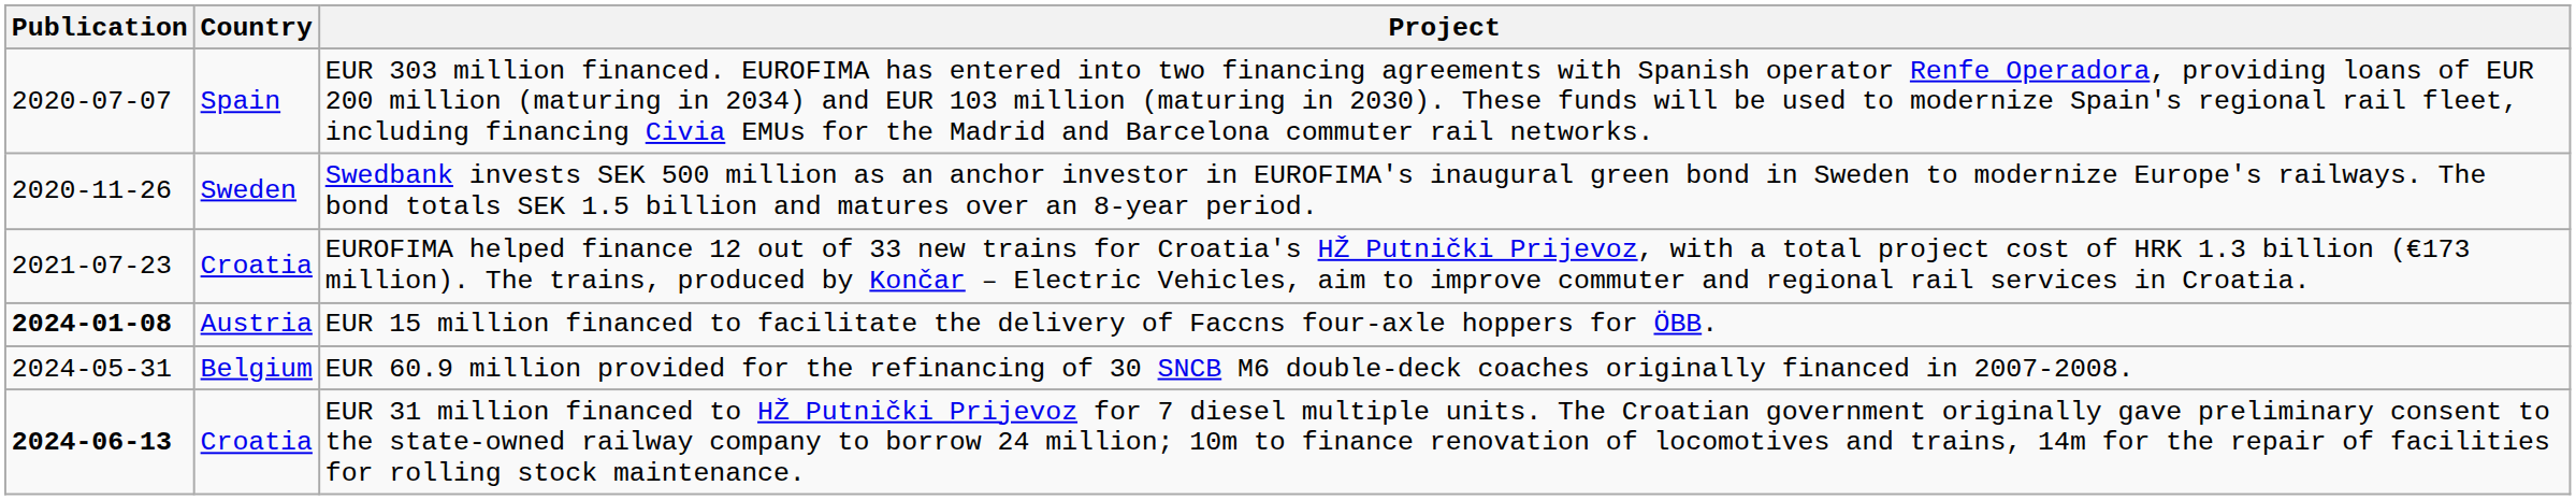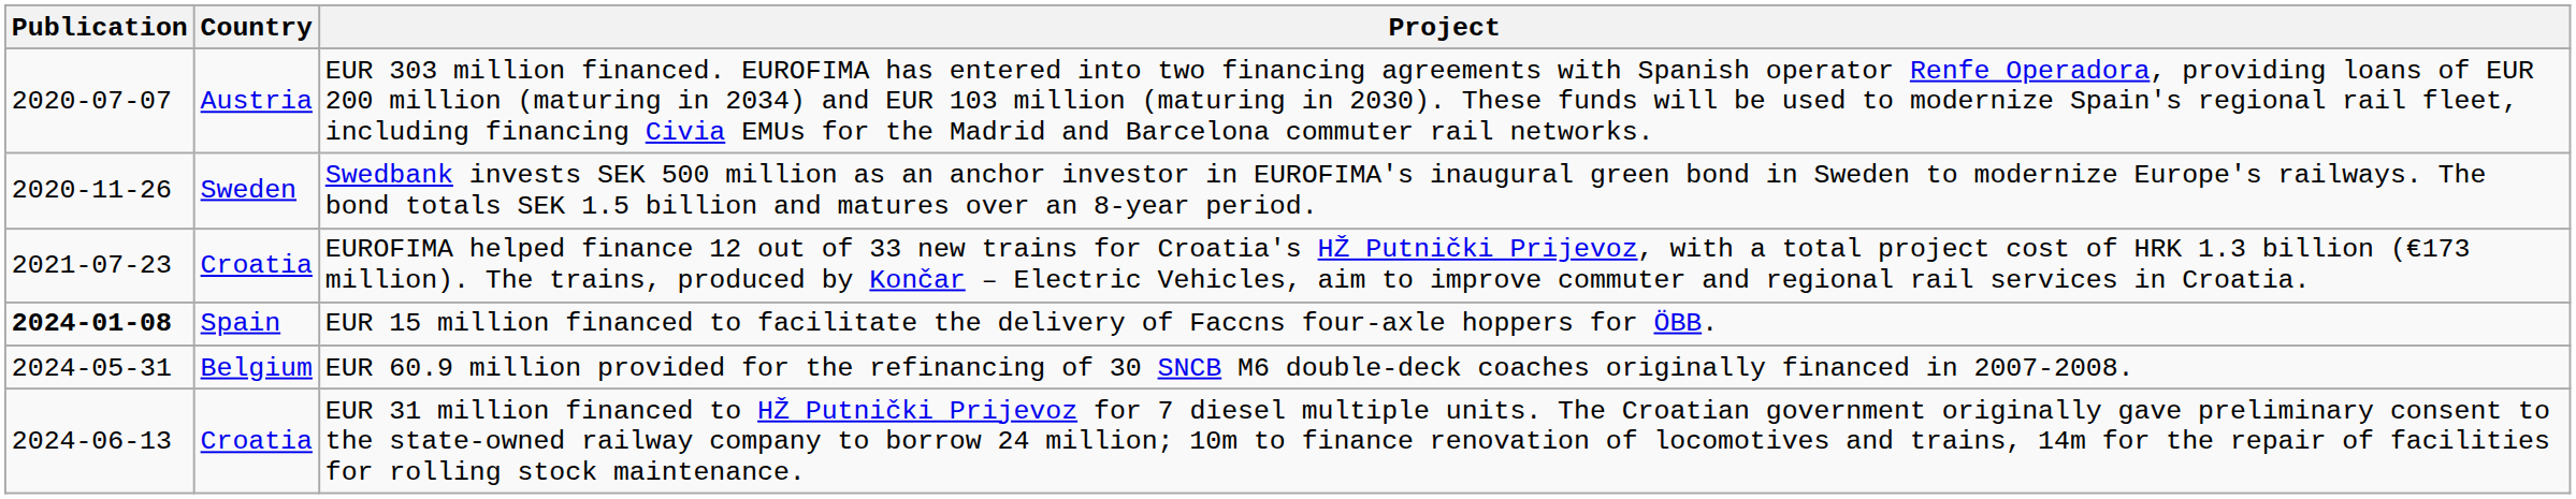 <table class="wikitable">
 <tr>
 <th>Publication</th>
 <th>Country</th>
 <th>Project</th>
 </tr>
 <tr>
 <td>2020-07-07</td>
-<td><a href='#'>Spain</a></td>
+<td><a href='#'>Austria</a></td>
 <td>EUR 303 million financed. EUROFIMA has entered into two financing agreements with Spanish operator <a href='#'>Renfe Operadora</a>, providing loans of EUR 200 million (maturing in 2034) and EUR 103 million (maturing in 2030). These funds will be used to modernize Spain's regional rail fleet, including financing <a href='#'>Civia</a> EMUs for the Madrid and Barcelona commuter rail networks.</td>
 </tr>
 <tr>
 <td>2020-11-26</td>
 <td><a href='#'>Sweden</a></td>
 <td><a href='#'>Swedbank</a> invests SEK 500 million as an anchor investor in EUROFIMA's inaugural green bond in Sweden to modernize Europe's railways. The bond totals SEK 1.5 billion and matures over an 8-year period.</td>
 </tr>
 <tr>
 <td>2021-07-23</td>
 <td><a href='#'>Croatia</a></td>
 <td>EUROFIMA helped finance 12 out of 33 new trains for Croatia's <a href='#'>HŽ Putnički Prijevoz</a>, with a total project cost of HRK 1.3 billion (€173 million). The trains, produced by <a href='#'>Končar</a> – Electric Vehicles, aim to improve commuter and regional rail services in Croatia.</td>
 </tr>
 <tr>
 <td><strong>2024-01-08</strong></td>
-<td><a href='#'>Austria</a></td>
+<td><a href='#'>Spain</a></td>
 <td>EUR 15 million financed to facilitate the delivery of Faccns four-axle hoppers for <a href='#'>ÖBB</a>.</td>
 </tr>
 <tr>
 <td>2024-05-31</td>
 <td><a href='#'>Belgium</a></td>
 <td>EUR 60.9 million provided for the refinancing of 30 <a href='#'>SNCB</a> M6 double-deck coaches originally financed in 2007-2008.</td>
 </tr>
 <tr>
-<td><strong>2024-06-13</strong></td>
+<td>2024-06-13</td>
 <td><a href='#'>Croatia</a></td>
 <td>EUR 31 million financed to <a href='#'>HŽ Putnički Prijevoz</a> for 7 diesel multiple units. The Croatian government originally gave preliminary consent to the state-owned railway company to borrow 24 million; 10m to finance renovation of locomotives and trains, 14m for the repair of facilities for rolling stock maintenance.</td>
 </tr>
 </table>
